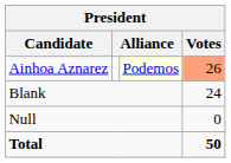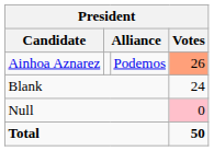 <table class="wikitable" style="font-size:90%; text-align:right;">
 <tr>
 <th colspan="5">President</th>
 </tr>
 <tr>
 <th>Candidate</th>
 <th colspan="2">Alliance</th>
 <th>Votes</th>
 </tr>
 <tr>
 <td align=left><a href='#'>Ainhoa Aznarez</a></td>
 <td style="background:"></td>
-<td align=left style="background: lightyellow;"><a href='#'>Podemos</a></td>
+<td align=left><a href='#'>Podemos</a></td>
 <td style="background: lightsalmon;">26</td>
 </tr>
 <tr>
 <td align=left colspan="3">Blank</td>
 <td>24</td>
 </tr>
 <tr>
 <td align=left colspan="3">Null</td>
-<td>0</td>
+<td style="background: pink;">0</td>
 </tr>
 <tr style="font-weight:bold">
 <td align=left colspan="3">Total</td>
 <td>50</td>
 </tr>
 </table>
